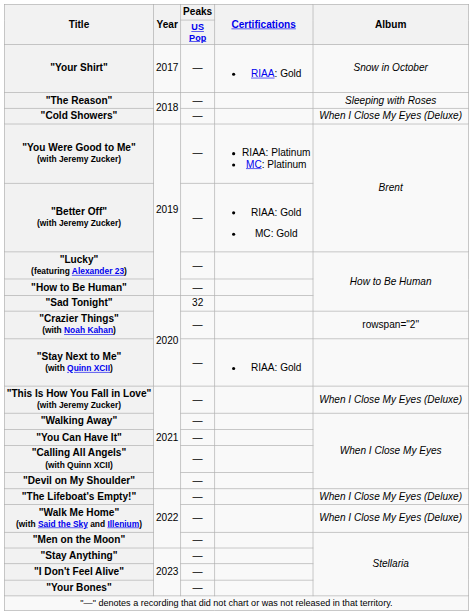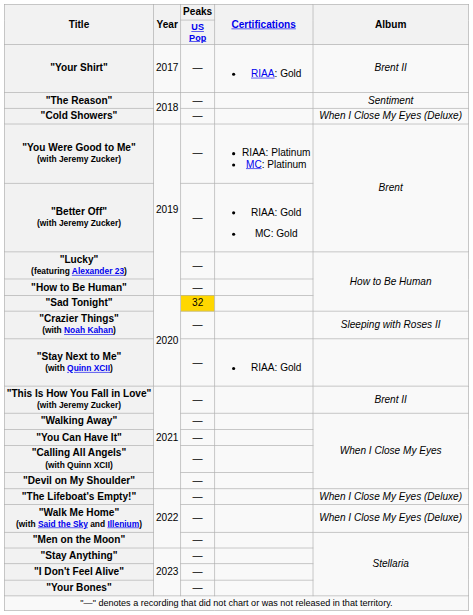 <table class="wikitable plainrowheaders" style="text-align:center">
 <tr>
 <th scope="col" rowspan="2">Title</th>
 <th scope="col" rowspan="2" style="width:1em;">Year</th>
 <th scope="col" colspan="1">Peaks</th>
 <th scope="col" rowspan="2"><a href='#'>Certifications</a></th>
 <th scope="col" rowspan="2" style="width:15em;">Album</th>
 </tr>
 <tr>
 <th style="width:3em;font-size:90%;"><a href='#'>US<br>Pop</a><br></th>
 </tr>
 <tr>
 <th scope="row">"Your Shirt"</th>
 <td>2017</td>
 <td>—</td>
 <td><br><ul><li><a href='#'>RIAA</a>: Gold</li></ul></td>
-<td><em>Snow in October</em></td>
+<td><em>Brent II</em></td>
 </tr>
 <tr>
 <th scope="row">"The Reason"</th>
 <td rowspan="2">2018</td>
 <td>—</td>
 <td></td>
-<td><em>Sleeping with Roses</em></td>
+<td rowspan="row"><em>Sentiment</em></td>
 </tr>
 <tr>
 <th scope="row">"Cold Showers"</th>
 <td>—</td>
 <td></td>
 <td rowspan="row"><em>When I Close My Eyes (Deluxe)</em></td>
 </tr>
 <tr>
 <th scope="row">"You Were Good to Me"<br><small>(with Jeremy Zucker)</small></th>
 <td rowspan="4">2019</td>
 <td>—</td>
 <td><br><ul><li>RIAA: Platinum</li><li><a href='#'>MC</a>: Platinum</li></ul></td>
 <td rowspan="2"><em>Brent</em></td>
 </tr>
 <tr>
 <th scope="row">"Better Off"<br><small>(with Jeremy Zucker)</small></th>
 <td>—</td>
 <td><br><ul><li>RIAA: Gold</li></ul><ul><li>MC: Gold</li></ul></td>
 </tr>
 <tr>
 <th scope="row">"Lucky"<br><small>(featuring <a href='#'>Alexander 23</a>)</small></th>
 <td>—</td>
 <td></td>
 <td rowspan="3"><em>How to Be Human</em></td>
 </tr>
 <tr>
 <th scope="row">"How to Be Human"</th>
 <td>—</td>
 <td></td>
 </tr>
 <tr>
 <th scope="row">"Sad Tonight"</th>
 <td rowspan="3">2020</td>
-<td>32</td>
+<td style="background: gold;">32</td>
 <td></td>
 </tr>
 <tr>
 <th scope="row">"Crazier Things"<br><small>(with <a href='#'>Noah Kahan</a>)</small></th>
 <td>—</td>
 <td></td>
-<td>rowspan="2" </td>
+<td><em>Sleeping with Roses II</em></td>
 </tr>
 <tr>
 <th scope="row">"Stay Next to Me"<br><small>(with <a href='#'>Quinn XCII</a>)</small></th>
 <td>—</td>
 <td><br><ul><li>RIAA: Gold</li></ul></td>
 </tr>
 <tr>
 <th scope="row">"This Is How You Fall in Love"<br><small>(with Jeremy Zucker)</small></th>
 <td rowspan="5">2021</td>
 <td>—</td>
 <td></td>
-<td rowspan="row"><em>When I Close My Eyes (Deluxe)</em></td>
+<td><em>Brent II</em></td>
 </tr>
 <tr>
 <th scope="row">"Walking Away"</th>
 <td>—</td>
 <td></td>
 <td rowspan="4"><em>When I Close My Eyes</em></td>
 </tr>
 <tr>
 <th scope="row">"You Can Have It"</th>
 <td>—</td>
 <td></td>
 </tr>
 <tr>
 <th scope="row">"Calling All Angels"<br><small>(with Quinn XCII)</small></th>
 <td>—</td>
 <td></td>
 </tr>
 <tr>
 <th scope="row">"Devil on My Shoulder"</th>
 <td>—</td>
 <td></td>
 </tr>
 <tr>
 <th scope="row">"The Lifeboat's Empty!"</th>
 <td rowspan="3">2022</td>
 <td>—</td>
 <td></td>
 <td rowspan="row"><em>When I Close My Eyes (Deluxe)</em></td>
 </tr>
 <tr>
 <th scope="row">"Walk Me Home"<br><small>(with <a href='#'>Said the Sky</a> and <a href='#'>Illenium</a>)</small></th>
 <td>—</td>
 <td></td>
 <td rowspan="row"><em>When I Close My Eyes (Deluxe)</em></td>
 </tr>
 <tr>
 <th scope="row">"Men on the Moon"</th>
 <td>—</td>
 <td></td>
 <td rowspan="4"><em>Stellaria</em></td>
 </tr>
 <tr>
 <th scope="row">"Stay Anything"</th>
 <td rowspan="3">2023</td>
 <td>—</td>
 <td></td>
 </tr>
 <tr>
 <th scope="row">"I Don't Feel Alive"</th>
 <td>—</td>
 <td></td>
 </tr>
 <tr>
 <th scope="row">"Your Bones"</th>
 <td>—</td>
 <td></td>
 </tr>
 <tr>
 <td colspan="11" style="font-size:90%">"—" denotes a recording that did not chart or was not released in that territory.</td>
 </tr>
 </table>
